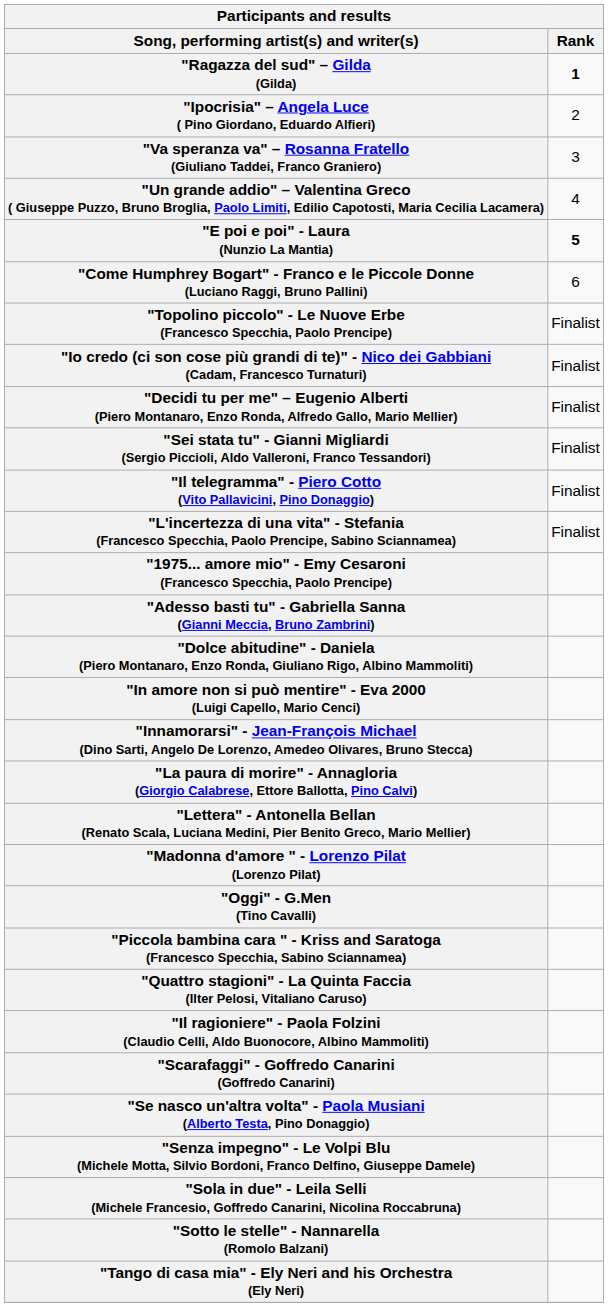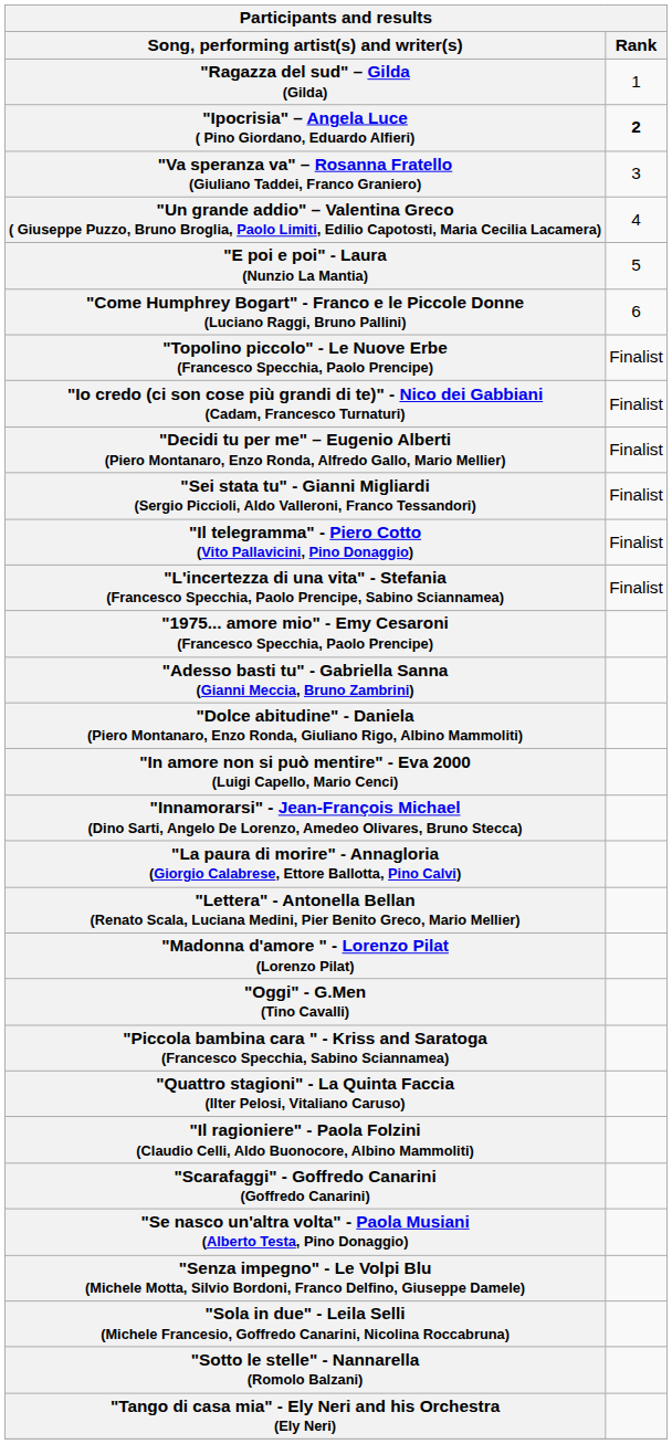 <table class="plainrowheaders wikitable">
 <tr>
 <th colspan="3">Participants and results</th>
 </tr>
 <tr>
 <th>Song, performing artist(s) and writer(s)</th>
 <th>Rank</th>
 </tr>
 <tr>
 <th scope="row">"Ragazza del sud" –  <a href='#'>Gilda</a>  <br><small> 	 	(Gilda)</small></th>
-<td style="text-align:center;"><strong>1</strong></td>
+<td style="text-align:center;">1</td>
 </tr>
 <tr>
 <th scope="row">"Ipocrisia" – <a href='#'>Angela Luce</a>  <br><small> 	( Pino Giordano, Eduardo Alfieri) 	</small></th>
-<td style="text-align:center;">2</td>
+<td style="text-align:center;"><strong>2</strong></td>
 </tr>
 <tr>
 <th scope="row">"Va speranza va" – <a href='#'>Rosanna Fratello</a>  <br><small> 	(Giuliano Taddei, Franco Graniero)</small></th>
 <td style="text-align:center;">3</td>
 </tr>
 <tr>
 <th scope="row">"Un grande addio"  –   	Valentina Greco <br><small>  ( Giuseppe Puzzo, Bruno Broglia, <a href='#'>Paolo Limiti</a>, Edilio Capotosti, Maria Cecilia Lacamera) 	</small></th>
 <td style="text-align:center;">4</td>
 </tr>
 <tr>
 <th scope="row">"E poi e poi" -  Laura <br><small> 	(Nunzio La Mantia) 	</small></th>
-<td style="text-align:center;"><strong>5</strong></td>
+<td style="text-align:center;">5</td>
 </tr>
 <tr>
 <th scope="row">"Come Humphrey Bogart" -  	Franco e le Piccole Donne  <br><small> 	(Luciano Raggi, Bruno Pallini) 	</small></th>
 <td style="text-align:center;">6</td>
 </tr>
 <tr>
 <th scope="row">"Topolino piccolo" - Le Nuove Erbe <br><small>   	(Francesco Specchia, Paolo Prencipe) 	 </small></th>
 <td style="text-align:center;">Finalist</td>
 </tr>
 <tr>
 <th scope="row">"Io credo (ci son cose più grandi di te)" -   	<a href='#'>Nico dei Gabbiani</a>  <br><small> 	 	(Cadam, Francesco Turnaturi) 	 	 </small></th>
 <td style="text-align:center;">Finalist</td>
 </tr>
 <tr>
 <th scope="row">"Decidi tu per me" – 	Eugenio Alberti  <br><small> 	 	 	(Piero Montanaro, Enzo Ronda, Alfredo Gallo, Mario Mellier) 	 	 </small></th>
 <td style="text-align:center;">Finalist</td>
 </tr>
 <tr>
 <th scope="row">"Sei stata tu" - Gianni Migliardi  <br><small> 	 	 	(Sergio Piccioli, Aldo Valleroni, Franco Tessandori) 	 </small></th>
 <td style="text-align:center;">Finalist</td>
 </tr>
 <tr>
 <th scope="row">"Il telegramma" - <a href='#'>Piero Cotto</a>  <br><small> 	 	(<a href='#'>Vito Pallavicini</a>, <a href='#'>Pino Donaggio</a>) 	 	 </small></th>
 <td style="text-align:center;">Finalist</td>
 </tr>
 <tr>
 <th scope="row">"L'incertezza di una vita" -  	 Stefania <br><small>  	 	(Francesco Specchia, Paolo Prencipe, Sabino Sciannamea) 	 	 	 </small></th>
 <td style="text-align:center;">Finalist</td>
 </tr>
 <tr>
 <th scope="row">"1975... amore mio" -  	Emy Cesaroni <br><small> 	 	(Francesco Specchia, Paolo Prencipe) 	 	 </small></th>
 <td></td>
 </tr>
 <tr>
 <th scope="row">"Adesso basti tu" - Gabriella Sanna <br><small> 	 	(<a href='#'>Gianni Meccia</a>, <a href='#'>Bruno Zambrini</a>) 	 </small></th>
 <td></td>
 </tr>
 <tr>
 <th scope="row">"Dolce abitudine" - Daniela <br><small> 	 	 	(Piero Montanaro, Enzo Ronda, Giuliano Rigo, Albino Mammoliti) 	 	 </small></th>
 <td></td>
 </tr>
 <tr>
 <th scope="row">"In amore non si può mentire" - Eva 2000 <br><small> 	 	 	(Luigi Capello, Mario Cenci) 	 	 </small></th>
 <td></td>
 </tr>
 <tr>
 <th scope="row">"Innamorarsi" - <a href='#'>Jean-François Michael</a> <br><small> 	 	(Dino Sarti, Angelo De Lorenzo, Amedeo Olivares, Bruno Stecca) 	 	</small></th>
 <td></td>
 </tr>
 <tr>
 <th scope="row">"La paura di morire" - Annagloria <br><small>  	 	 	(<a href='#'>Giorgio Calabrese</a>, Ettore Ballotta, <a href='#'>Pino Calvi</a>) 	 	</small></th>
 <td></td>
 </tr>
 <tr>
 <th scope="row">"Lettera" - Antonella Bellan <br><small>  	 	(Renato Scala, Luciana Medini, Pier Benito Greco, Mario Mellier) 	 </small></th>
 <td></td>
 </tr>
 <tr>
 <th scope="row">"Madonna d'amore " -  <a href='#'>Lorenzo Pilat</a> <br><small> 	 	 	(Lorenzo Pilat) 	 </small></th>
 <td></td>
 </tr>
 <tr>
 <th scope="row">"Oggi" -  G.Men <br><small>  	 	(Tino Cavalli) 	 </small></th>
 <td></td>
 </tr>
 <tr>
 <th scope="row">"Piccola bambina cara " - Kriss and Saratoga <br><small> 	 	(Francesco Specchia, Sabino Sciannamea) 	</small></th>
 <td></td>
 </tr>
 <tr>
 <th scope="row">"Quattro stagioni" - La Quinta Faccia <br><small> 	 	(Ilter Pelosi, Vitaliano Caruso) 	 </small></th>
 <td></td>
 </tr>
 <tr>
 <th scope="row">"Il ragioniere" -  Paola Folzini <br><small> 	 	(Claudio Celli, Aldo Buonocore, Albino Mammoliti) 	 </small></th>
 <td></td>
 </tr>
 <tr>
 <th scope="row">"Scarafaggi" - Goffredo Canarini <br><small> 	 	(Goffredo Canarini) 	 </small></th>
 <td></td>
 </tr>
 <tr>
 <th scope="row">"Se nasco un'altra volta" -  <a href='#'>Paola Musiani</a> <br><small> 	 	(<a href='#'>Alberto Testa</a>, Pino Donaggio) 		 </small></th>
 <td></td>
 </tr>
 <tr>
 <th scope="row">"Senza impegno" - Le Volpi Blu <br><small> 	 	 	(Michele Motta, Silvio Bordoni, Franco Delfino, Giuseppe Damele) 	 </small></th>
 <td></td>
 </tr>
 <tr>
 <th scope="row">"Sola in due" -  Leila Selli <br><small> 	 	 	(Michele Francesio, Goffredo Canarini, Nicolina Roccabruna) 	 	 </small></th>
 <td></td>
 </tr>
 <tr>
 <th scope="row">"Sotto le stelle" -   Nannarella   <br><small> 	 	 	 	(Romolo Balzani) 		 </small></th>
 <td></td>
 </tr>
 <tr>
 <th scope="row">"Tango di casa mia" -  Ely Neri and his Orchestra   <br><small> 	 	(Ely Neri) 	 	 </small></th>
 <td></td>
 </tr>
 <tr>
 </tr>
 </table>
